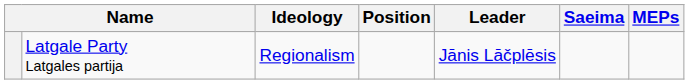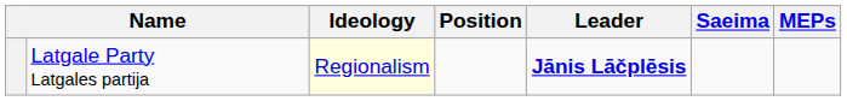 <table class="wikitable">
 <tr>
 <th colspan=2 width=225px>Name</th>
 <th>Ideology</th>
 <th>Position</th>
 <th>Leader</th>
 <th><a href='#'>Saeima</a></th>
 <th><a href='#'>MEPs</a></th>
 </tr>
 <tr>
 <th style="background:"></th>
 <td><a href='#'>Latgale Party</a><br><small>Latgales partija</small></td>
-<td><a href='#'>Regionalism</a></td>
+<td style="background: lightyellow;"><a href='#'>Regionalism</a></td>
 <td></td>
-<td><a href='#'>Jānis Lāčplēsis</a><br></td>
+<td><strong><a href='#'>Jānis Lāčplēsis</a><br></strong></td>
 <td></td>
 <td></td>
 </tr>
 </table>
